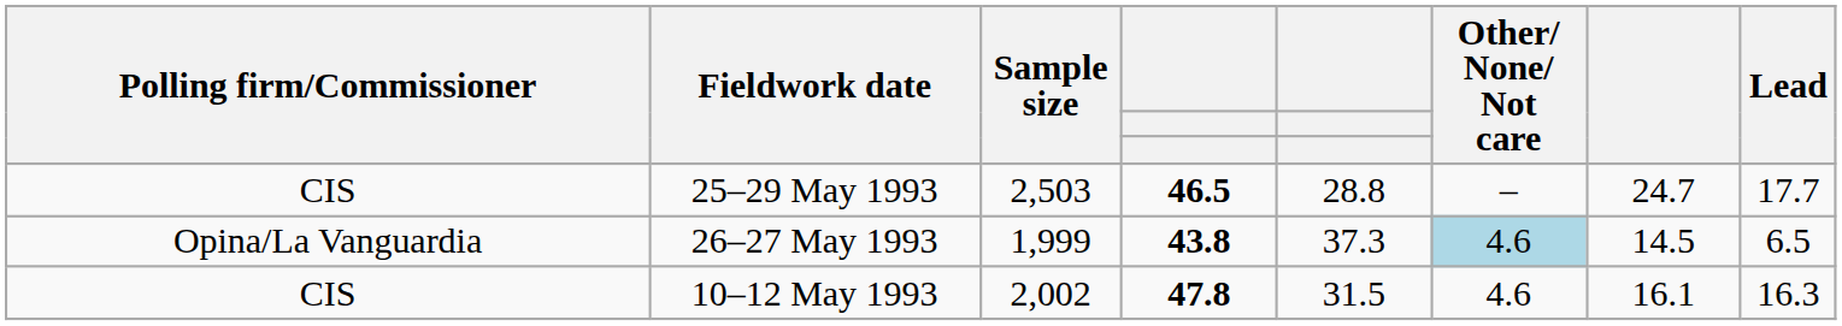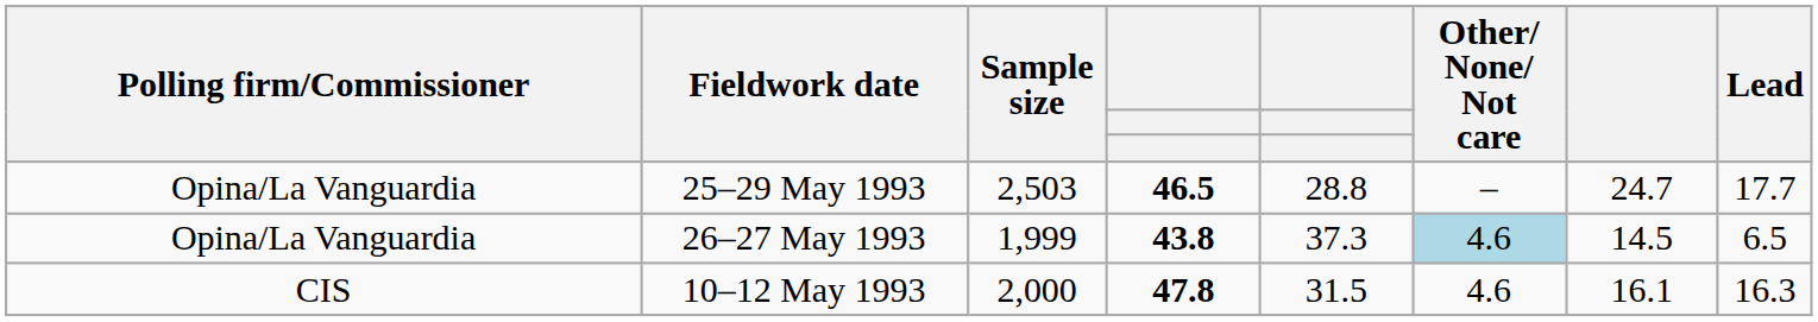 <table class="wikitable collapsible collapsed" style="text-align:center; font-size:90%; line-height:14px;">
 <tr style="height:42px;">
 <th style="width:250px;" rowspan="3">Polling firm/Commissioner</th>
 <th style="width:125px;" rowspan="3">Fieldwork date</th>
 <th style="width:50px;" rowspan="3">Sample size</th>
 <th style="width:55px;"></th>
 <th style="width:55px;"></th>
 <th style="width:55px;" rowspan="3">Other/<br>None/<br>Not<br>care</th>
 <th style="width:55px;" rowspan="3"></th>
 <th style="width:30px;" rowspan="3">Lead</th>
 </tr>
 <tr>
 <th style="color:inherit;background:"></th>
 <th style="color:inherit;background:"></th>
 </tr>
 <tr>
 <th></th>
 <th></th>
 </tr>
 <tr>
-<td>CIS</td>
+<td>Opina/La Vanguardia</td>
 <td>25–29 May 1993</td>
 <td>2,503</td>
 <td><strong>46.5</strong></td>
 <td>28.8</td>
 <td>–</td>
 <td>24.7</td>
 <td style="background:">17.7</td>
 </tr>
 <tr>
 <td>Opina/La Vanguardia</td>
 <td>26–27 May 1993</td>
 <td>1,999</td>
 <td><strong>43.8</strong></td>
 <td>37.3</td>
 <td style="background: lightblue;">4.6</td>
 <td>14.5</td>
 <td style="background:">6.5</td>
 </tr>
 <tr>
 <td>CIS</td>
 <td>10–12 May 1993</td>
-<td>2,002</td>
+<td>2,000</td>
 <td><strong>47.8</strong></td>
 <td>31.5</td>
 <td>4.6</td>
 <td>16.1</td>
 <td style="background:">16.3</td>
 </tr>
 </table>
